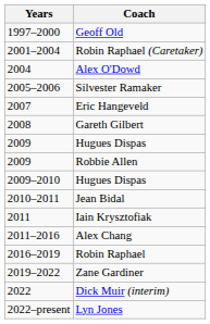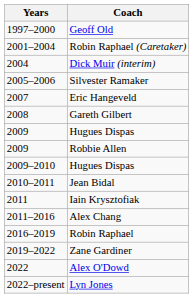 <table class=wikitable>
 <tr>
 <th>Years</th>
 <th>Coach</th>
 </tr>
 <tr>
 <td>1997–2000</td>
 <td> <a href='#'>Geoff Old</a></td>
 </tr>
 <tr>
 <td>2001–2004</td>
 <td> Robin Raphael <em>(Caretaker)</em></td>
 </tr>
 <tr>
 <td>2004</td>
-<td> <a href='#'>Alex O'Dowd</a></td>
+<td> <a href='#'>Dick Muir</a> <em>(interim)</em></td>
 </tr>
 <tr>
 <td>2005–2006</td>
 <td> Silvester Ramaker</td>
 </tr>
 <tr>
 <td>2007</td>
 <td> Eric Hangeveld</td>
 </tr>
 <tr>
 <td>2008</td>
 <td> Gareth Gilbert</td>
 </tr>
 <tr>
 <td>2009</td>
 <td> Hugues Dispas</td>
 </tr>
 <tr>
 <td>2009</td>
 <td> Robbie Allen</td>
 </tr>
 <tr>
 <td>2009–2010</td>
 <td> Hugues Dispas</td>
 </tr>
 <tr>
 <td>2010–2011</td>
 <td> Jean Bidal</td>
 </tr>
 <tr>
 <td>2011</td>
 <td> Iain Krysztofiak</td>
 </tr>
 <tr>
 <td>2011–2016</td>
 <td> Alex Chang</td>
 </tr>
 <tr>
 <td>2016–2019</td>
 <td> Robin Raphael</td>
 </tr>
 <tr>
 <td>2019–2022</td>
 <td> Zane Gardiner</td>
 </tr>
 <tr>
 <td>2022</td>
-<td> <a href='#'>Dick Muir</a> <em>(interim)</em></td>
+<td> <a href='#'>Alex O'Dowd</a></td>
 </tr>
 <tr>
 <td>2022–present</td>
 <td> <a href='#'>Lyn Jones</a></td>
 </tr>
 </table>
